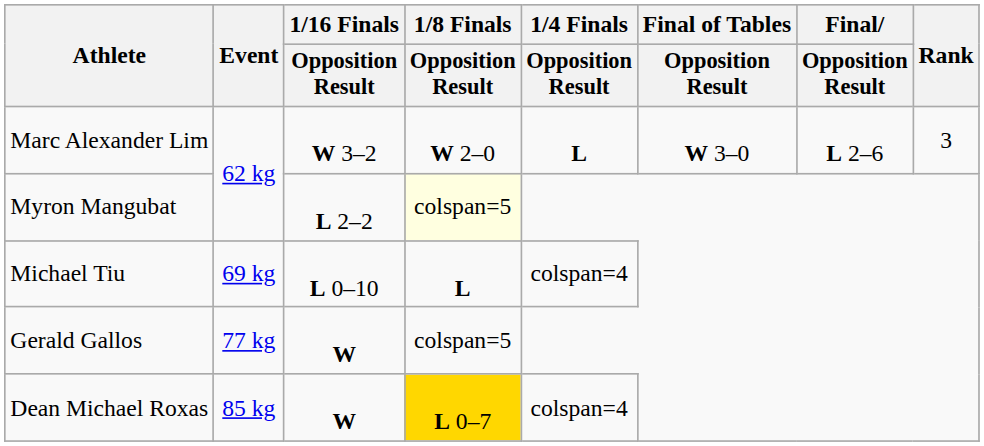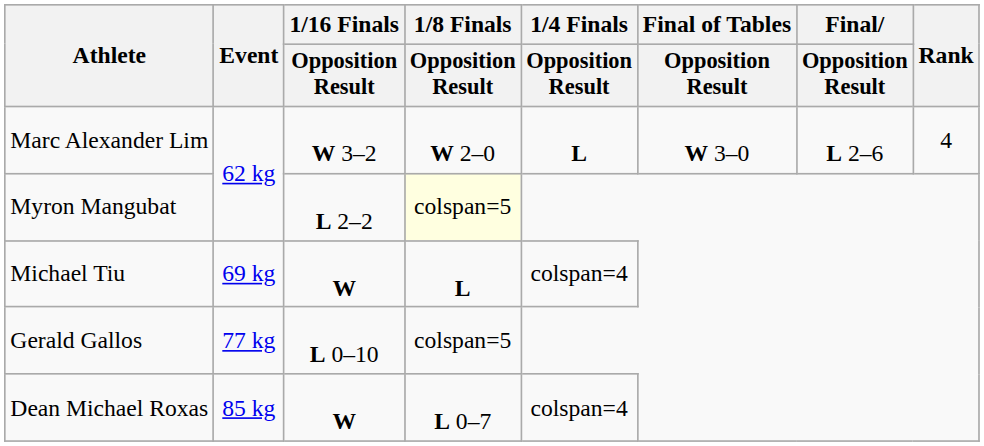 <table class=wikitable style="text-align:center; font-size:90%">
 <tr>
 <th rowspan=2>Athlete</th>
 <th rowspan=2>Event</th>
 <th>1/16 Finals</th>
 <th>1/8 Finals</th>
 <th>1/4 Finals</th>
 <th>Final of Tables</th>
 <th>Final/</th>
 <th rowspan=2>Rank</th>
 </tr>
 <tr style="font-size:95%">
 <th>Opposition<br>Result</th>
 <th>Opposition<br>Result</th>
 <th>Opposition<br>Result</th>
 <th>Opposition<br>Result</th>
 <th>Opposition<br>Result</th>
 </tr>
 <tr>
 <td align=left>Marc Alexander Lim</td>
 <td rowspan=2><a href='#'>62 kg</a></td>
 <td><br> <strong>W</strong> 3–2</td>
 <td><br> <strong>W</strong> 2–0</td>
 <td><br> <strong>L</strong>  </td>
 <td><br> <strong>W</strong> 3–0</td>
 <td><br> <strong>L</strong>  2–6</td>
-<td>3</td>
+<td>4</td>
 </tr>
 <tr>
 <td align=left>Myron Mangubat</td>
 <td><br> <strong>L</strong> 2–2 </td>
 <td style="background: lightyellow;">colspan=5 </td>
 </tr>
 <tr>
 <td align=left>Michael Tiu</td>
 <td><a href='#'>69 kg</a></td>
-<td><br> <strong>L</strong>  0–10</td>
+<td><br> <strong>W</strong> </td>
 <td><br> <strong>L</strong> </td>
 <td>colspan=4 </td>
 </tr>
 <tr>
 <td align=left>Gerald Gallos</td>
 <td><a href='#'>77 kg</a></td>
-<td><br> <strong>W</strong> </td>
+<td><br> <strong>L</strong>  0–10</td>
 <td>colspan=5 </td>
 </tr>
 <tr>
 <td align=left>Dean Michael Roxas</td>
 <td><a href='#'>85 kg</a></td>
 <td><br><strong>W</strong> </td>
-<td style="background: gold;"><br><strong>L</strong> 0–7</td>
+<td><br><strong>L</strong> 0–7</td>
 <td>colspan=4 </td>
 </tr>
 </table>
